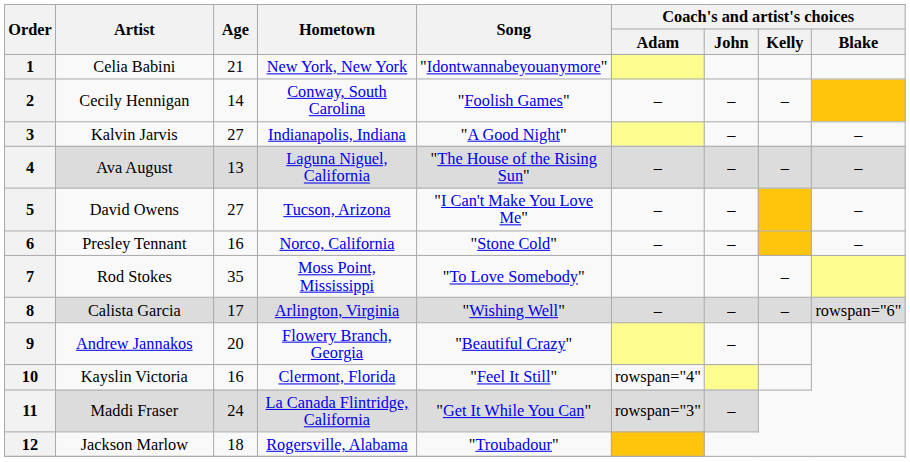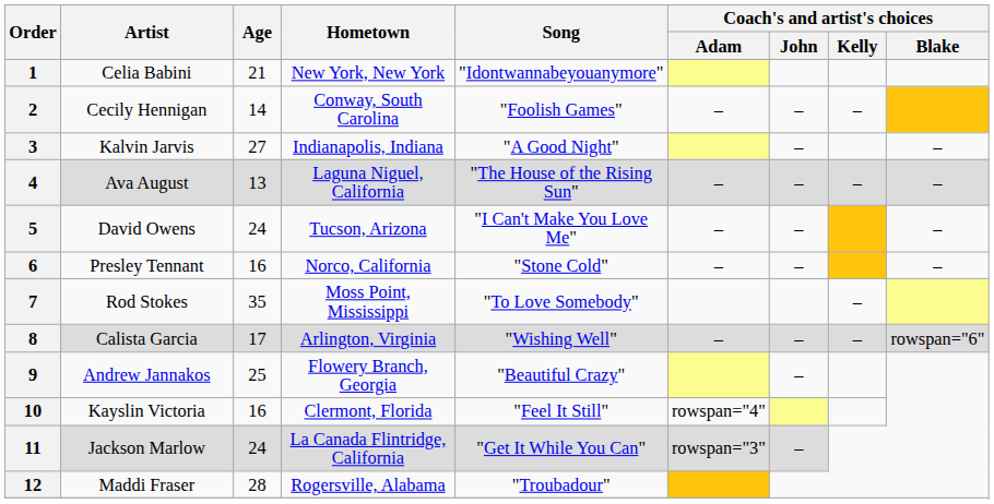 <table class="wikitable" style="text-align:center; line-height:17px; width:100%;">
 <tr>
 <th scope="col" rowspan="2" style="width:04%;">Order</th>
 <th scope="col" rowspan="2" style="width:18%;">Artist</th>
 <th scope="col" rowspan="2" style="width:05%;">Age</th>
 <th scope="col" rowspan="2" style="width:18%;">Hometown</th>
 <th scope="col" rowspan="2" style="width:20%;">Song</th>
 <th scope="col" colspan="4" style="width:24%;">Coach's and artist's choices</th>
 </tr>
 <tr>
 <th stylw="width:06%;">Adam</th>
 <th style="width:06%;">John</th>
 <th style="width:06%;">Kelly</th>
 <th style="width:06%;">Blake</th>
 </tr>
 <tr>
 <th>1</th>
 <td>Celia Babini</td>
 <td>21</td>
 <td><a href='#'>New York, New York</a></td>
 <td>"<a href='#'>Idontwannabeyouanymore</a>"</td>
 <td style="background:#fdfc8f;"><em></em></td>
 <td><em></em></td>
 <td><em></em></td>
 <td><em></em></td>
 </tr>
 <tr>
 <th>2</th>
 <td>Cecily Hennigan</td>
 <td>14</td>
 <td><a href='#'>Conway, South Carolina</a></td>
 <td>"<a href='#'>Foolish Games</a>"</td>
 <td>–</td>
 <td>–</td>
 <td>–</td>
 <td style="background:#ffc40c"><em></em></td>
 </tr>
 <tr>
 <th>3</th>
 <td>Kalvin Jarvis</td>
 <td>27</td>
 <td><a href='#'>Indianapolis, Indiana</a></td>
 <td>"<a href='#'>A Good Night</a>"</td>
 <td style="background:#fdfc8f;"><em></em></td>
 <td>–</td>
 <td><em></em></td>
 <td>–</td>
 </tr>
 <tr style="background:#DCDCDC;">
 <th>4</th>
 <td>Ava August</td>
 <td>13</td>
 <td><a href='#'>Laguna Niguel, California</a></td>
 <td>"<a href='#'>The House of the Rising Sun</a>"</td>
 <td>–</td>
 <td>–</td>
 <td>–</td>
 <td>–</td>
 </tr>
 <tr>
 <th>5</th>
 <td>David Owens</td>
-<td>27</td>
+<td>24</td>
 <td><a href='#'>Tucson, Arizona</a></td>
 <td>"<a href='#'>I Can't Make You Love Me</a>"</td>
 <td>–</td>
 <td>–</td>
 <td style="background:#ffc40c"><em></em></td>
 <td>–</td>
 </tr>
 <tr>
 <th>6</th>
 <td>Presley Tennant</td>
 <td>16</td>
 <td><a href='#'>Norco, California</a></td>
 <td>"<a href='#'>Stone Cold</a>"</td>
 <td>–</td>
 <td>–</td>
 <td style="background:#ffc40c"><em></em></td>
 <td>–</td>
 </tr>
 <tr>
 <th>7</th>
 <td>Rod Stokes</td>
 <td>35</td>
 <td><a href='#'>Moss Point, Mississippi</a></td>
 <td>"<a href='#'>To Love Somebody</a>"</td>
 <td><em></em></td>
 <td><em></em></td>
 <td>–</td>
 <td style="background:#fdfc8f;"><em></em></td>
 </tr>
 <tr style="background:#DCDCDC;">
 <th>8</th>
 <td>Calista Garcia</td>
 <td>17</td>
 <td><a href='#'>Arlington, Virginia</a></td>
 <td>"<a href='#'>Wishing Well</a>"</td>
 <td>–</td>
 <td>–</td>
 <td>–</td>
 <td>rowspan="6" </td>
 </tr>
 <tr>
 <th>9</th>
 <td><a href='#'>Andrew Jannakos</a></td>
-<td>20</td>
+<td>25</td>
 <td><a href='#'>Flowery Branch, Georgia</a></td>
 <td>"<a href='#'>Beautiful Crazy</a>"</td>
 <td style="background:#fdfc8f;"><em></em></td>
 <td>–</td>
 <td><em></em></td>
 </tr>
 <tr>
 <th>10</th>
 <td>Kayslin Victoria</td>
 <td>16</td>
 <td><a href='#'>Clermont, Florida</a></td>
 <td>"<a href='#'>Feel It Still</a>"</td>
 <td>rowspan="4" </td>
 <td style="background:#fdfc8f;"><em></em></td>
 <td><em></em></td>
 </tr>
 <tr style="background:#DCDCDC;">
 <th>11</th>
-<td>Maddi Fraser</td>
+<td>Jackson Marlow</td>
 <td>24</td>
 <td><a href='#'>La Canada Flintridge, California</a></td>
 <td>"<a href='#'>Get It While You Can</a>"</td>
 <td>rowspan="3" </td>
 <td>–</td>
 </tr>
 <tr>
 <th>12</th>
-<td>Jackson Marlow</td>
-<td>18</td>
+<td>Maddi Fraser</td>
+<td>28</td>
 <td><a href='#'>Rogersville, Alabama</a></td>
 <td>"<a href='#'>Troubadour</a>"</td>
 <td style="background:#ffc40c"><em></em></td>
 </tr>
 <tr>
 </tr>
 </table>
